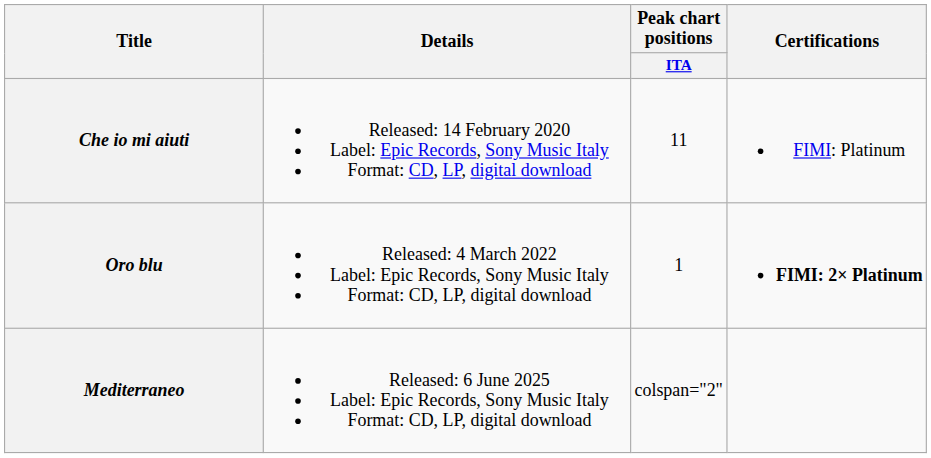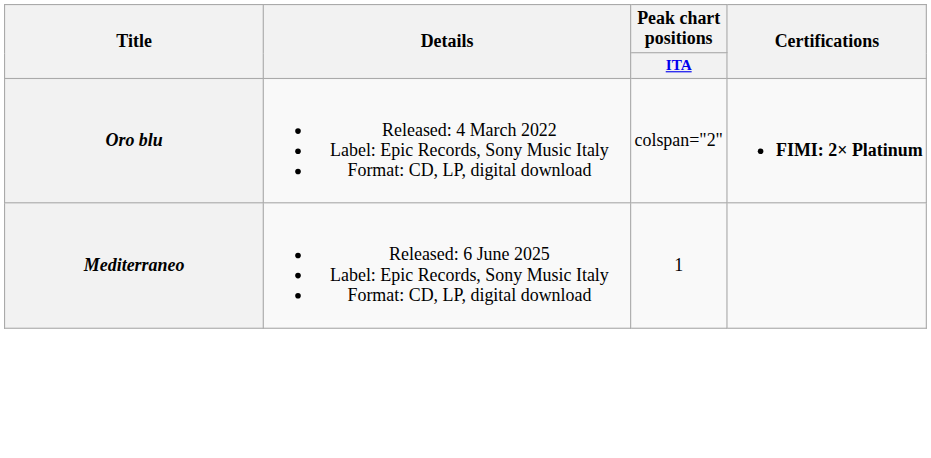 <table class="wikitable plainrowheaders" style="text-align:center;">
 <tr>
 <th scope="col" rowspan="2" style="width:14em;">Title</th>
 <th scope="col" rowspan="2" style="width:20em;">Details</th>
 <th scope="col" colspan="1">Peak chart positions</th>
 <th scope="col" rowspan="2">Certifications</th>
 </tr>
 <tr>
 <th scope="col" style="width:3em;font-size:85%;"><a href='#'>ITA</a><br></th>
 </tr>
 <tr>
-<th scope="row"><em>Che io mi aiuti</em></th>
-<td><br><ul><li>Released: 14 February 2020</li><li>Label: <a href='#'>Epic Records</a>, <a href='#'>Sony Music Italy</a></li><li>Format: <a href='#'>CD</a>, <a href='#'>LP</a>, <a href='#'>digital download</a></li></ul></td>
-<td>11</td>
-<td><br><ul><li><a href='#'>FIMI</a>: Platinum</li></ul></td>
-</tr>
-<tr>
 <th scope="row"><em>Oro blu</em></th>
 <td><br><ul><li>Released: 4 March 2022</li><li>Label: Epic Records, Sony Music Italy</li><li>Format: CD, LP, digital download</li></ul></td>
-<td>1</td>
+<td>colspan="2" </td>
 <td><strong><br><ul><li>FIMI: 2× Platinum</li></ul></strong></td>
 </tr>
 <tr>
 <th scope="row"><em>Mediterraneo</em></th>
 <td><br><ul><li>Released: 6 June 2025</li><li>Label: Epic Records, Sony Music Italy</li><li>Format: CD, LP, digital download</li></ul></td>
-<td>colspan="2" </td>
+<td>1</td>
 </tr>
 </table>
